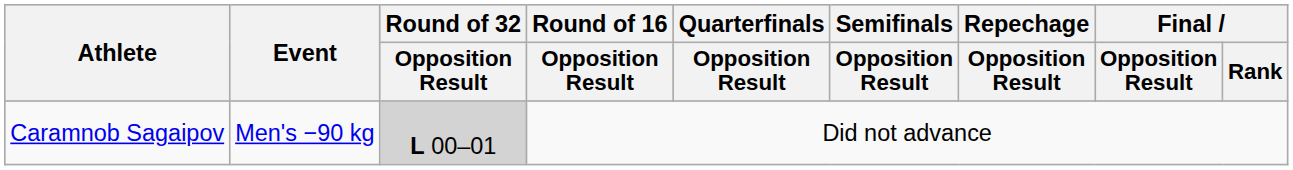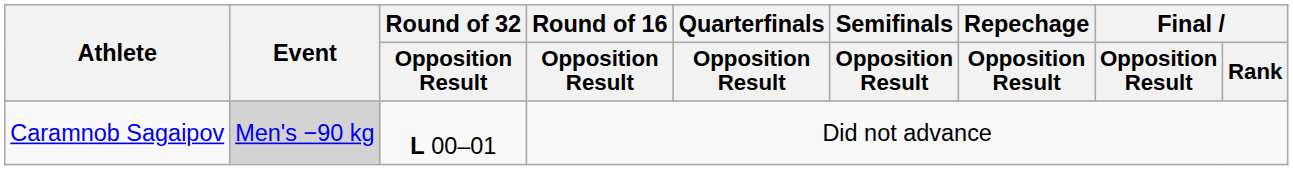 <table class="wikitable" style="font-size:90%">
 <tr>
 <th rowspan="2">Athlete</th>
 <th rowspan="2">Event</th>
 <th>Round of 32</th>
 <th>Round of 16</th>
 <th>Quarterfinals</th>
 <th>Semifinals</th>
 <th>Repechage</th>
 <th colspan=2>Final / </th>
 </tr>
 <tr style="font-size:95%">
 <th>Opposition<br>Result</th>
 <th>Opposition<br>Result</th>
 <th>Opposition<br>Result</th>
 <th>Opposition<br>Result</th>
 <th>Opposition<br>Result</th>
 <th>Opposition<br>Result</th>
 <th>Rank</th>
 </tr>
 <tr align=center>
 <td align=left><a href='#'>Caramnob Sagaipov</a></td>
-<td align=left><a href='#'>Men's −90 kg</a></td>
-<td style="background: lightgrey;"><br><strong>L</strong> 00–01</td>
+<td align=left style="background: lightgrey;"><a href='#'>Men's −90 kg</a></td>
+<td><br><strong>L</strong> 00–01</td>
 <td colspan=6>Did not advance</td>
 </tr>
 </table>
